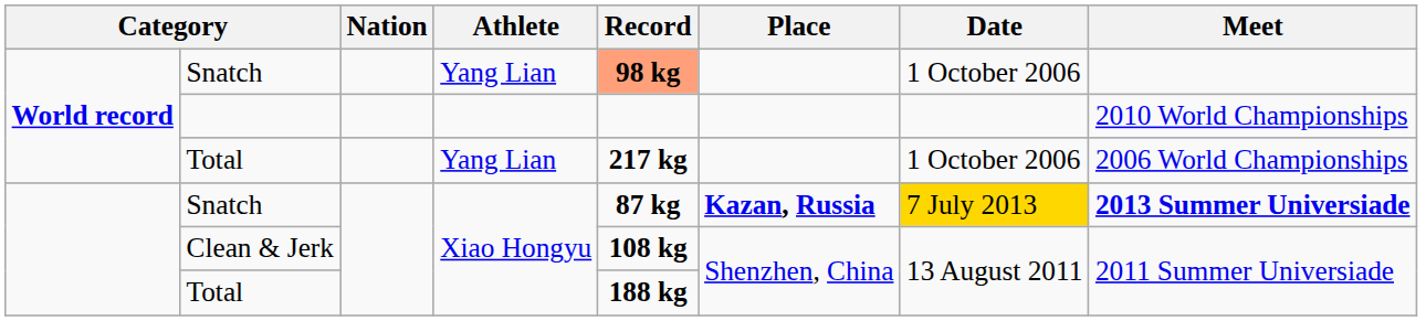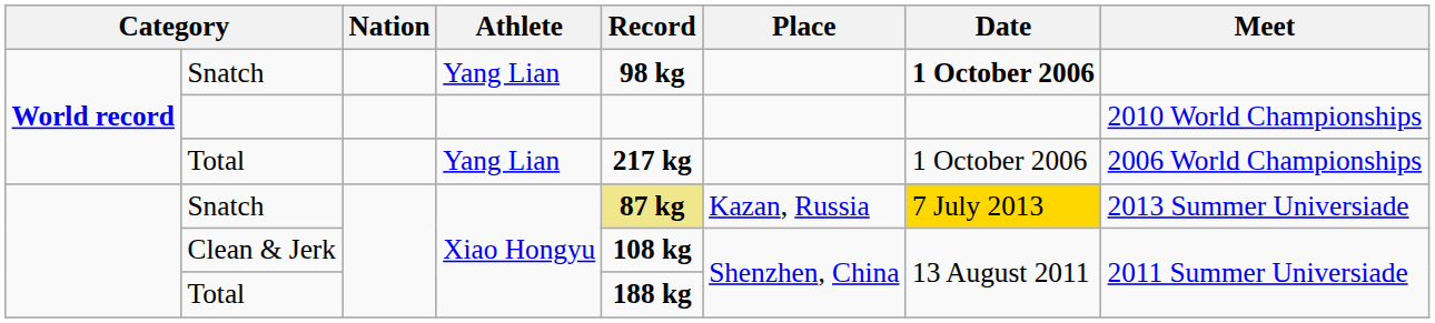 <table class="wikitable" style="text-align:center;">
 <tr>
 <th colspan="2">Category</th>
 <th>Nation</th>
 <th>Athlete</th>
 <th>Record</th>
 <th>Place</th>
 <th>Date</th>
 <th>Meet</th>
 </tr>
 <tr>
 <td rowspan="3"><strong><a href='#'>World record</a></strong></td>
 <td align="left">Snatch</td>
 <td align="left"></td>
 <td align="left"><a href='#'>Yang Lian</a></td>
-<td style="background: lightsalmon;"><strong>98 kg</strong></td>
+<td><strong>98 kg</strong></td>
 <td align="left"></td>
-<td align="left">1 October 2006</td>
+<td align="left"><strong>1 October 2006</strong></td>
 <td align="left"></td>
 </tr>
 <tr>
 <td align="left"></td>
 <td align="left"></td>
 <td align="left"></td>
 <td><strong></strong></td>
 <td align="left"></td>
 <td align="left"></td>
 <td align="left"><a href='#'>2010 World Championships</a></td>
 </tr>
 <tr>
 <td align="left">Total</td>
 <td align="left"></td>
 <td align="left"><a href='#'>Yang Lian</a></td>
 <td><strong>217 kg</strong></td>
 <td align="left"></td>
 <td align="left">1 October 2006</td>
 <td align="left"><a href='#'>2006 World Championships</a></td>
 </tr>
 <tr>
 <td rowspan="3"><strong></strong></td>
 <td align="left">Snatch</td>
 <td align="left" rowspan="3"></td>
 <td align="left" rowspan="3"><a href='#'>Xiao Hongyu</a></td>
-<td><strong>87 kg</strong></td>
-<td align="left"><strong><a href='#'>Kazan</a>, <a href='#'>Russia</a></strong></td>
+<td style="background: khaki;"><strong>87 kg</strong></td>
+<td align="left"><a href='#'>Kazan</a>, <a href='#'>Russia</a></td>
 <td align="left" style="background: gold;">7 July 2013</td>
-<td align="left"><strong><a href='#'>2013 Summer Universiade</a></strong></td>
+<td align="left"><a href='#'>2013 Summer Universiade</a></td>
 </tr>
 <tr>
 <td align="left">Clean & Jerk</td>
 <td><strong>108 kg</strong></td>
 <td align="left" rowspan="2"><a href='#'>Shenzhen</a>, <a href='#'>China</a></td>
 <td align="left" rowspan="2">13 August 2011</td>
 <td align="left" rowspan="2"><a href='#'>2011 Summer Universiade</a></td>
 </tr>
 <tr>
 <td align="left">Total</td>
 <td><strong>188 kg</strong></td>
 </tr>
 </table>
